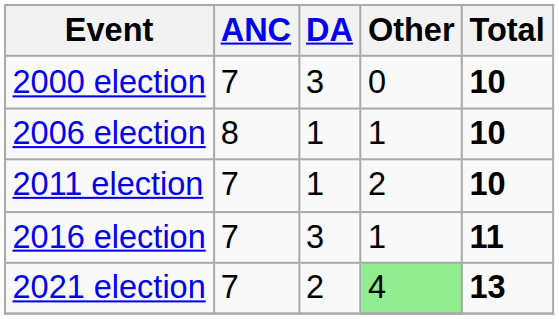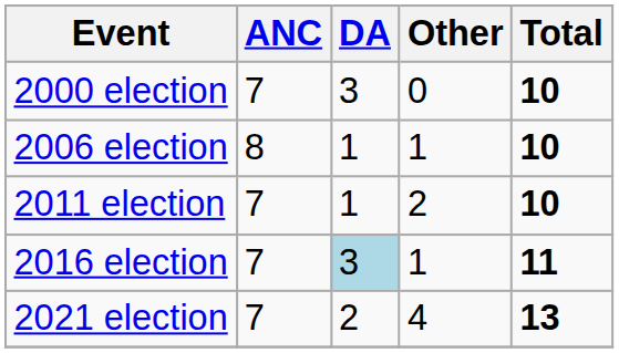 <table class="wikitable">
 <tr>
 <th>Event</th>
 <th><a href='#'>ANC</a></th>
 <th><a href='#'>DA</a></th>
 <th>Other</th>
 <th>Total</th>
 </tr>
 <tr>
 <td><a href='#'>2000 election</a></td>
 <td>7</td>
 <td>3</td>
 <td>0</td>
 <td><strong>10</strong></td>
 </tr>
 <tr>
 <td><a href='#'>2006 election</a></td>
 <td>8</td>
 <td>1</td>
 <td>1</td>
 <td><strong>10</strong></td>
 </tr>
 <tr>
 <td><a href='#'>2011 election</a></td>
 <td>7</td>
 <td>1</td>
 <td>2</td>
 <td><strong>10</strong></td>
 </tr>
 <tr>
 <td><a href='#'>2016 election</a></td>
 <td>7</td>
-<td>3</td>
+<td style="background: lightblue;">3</td>
 <td>1</td>
 <td><strong>11</strong></td>
 </tr>
 <tr>
 <td><a href='#'>2021 election</a></td>
 <td>7</td>
 <td>2</td>
-<td style="background: lightgreen;">4</td>
+<td>4</td>
 <td><strong>13</strong></td>
 </tr>
 <tr>
 </tr>
 </table>
